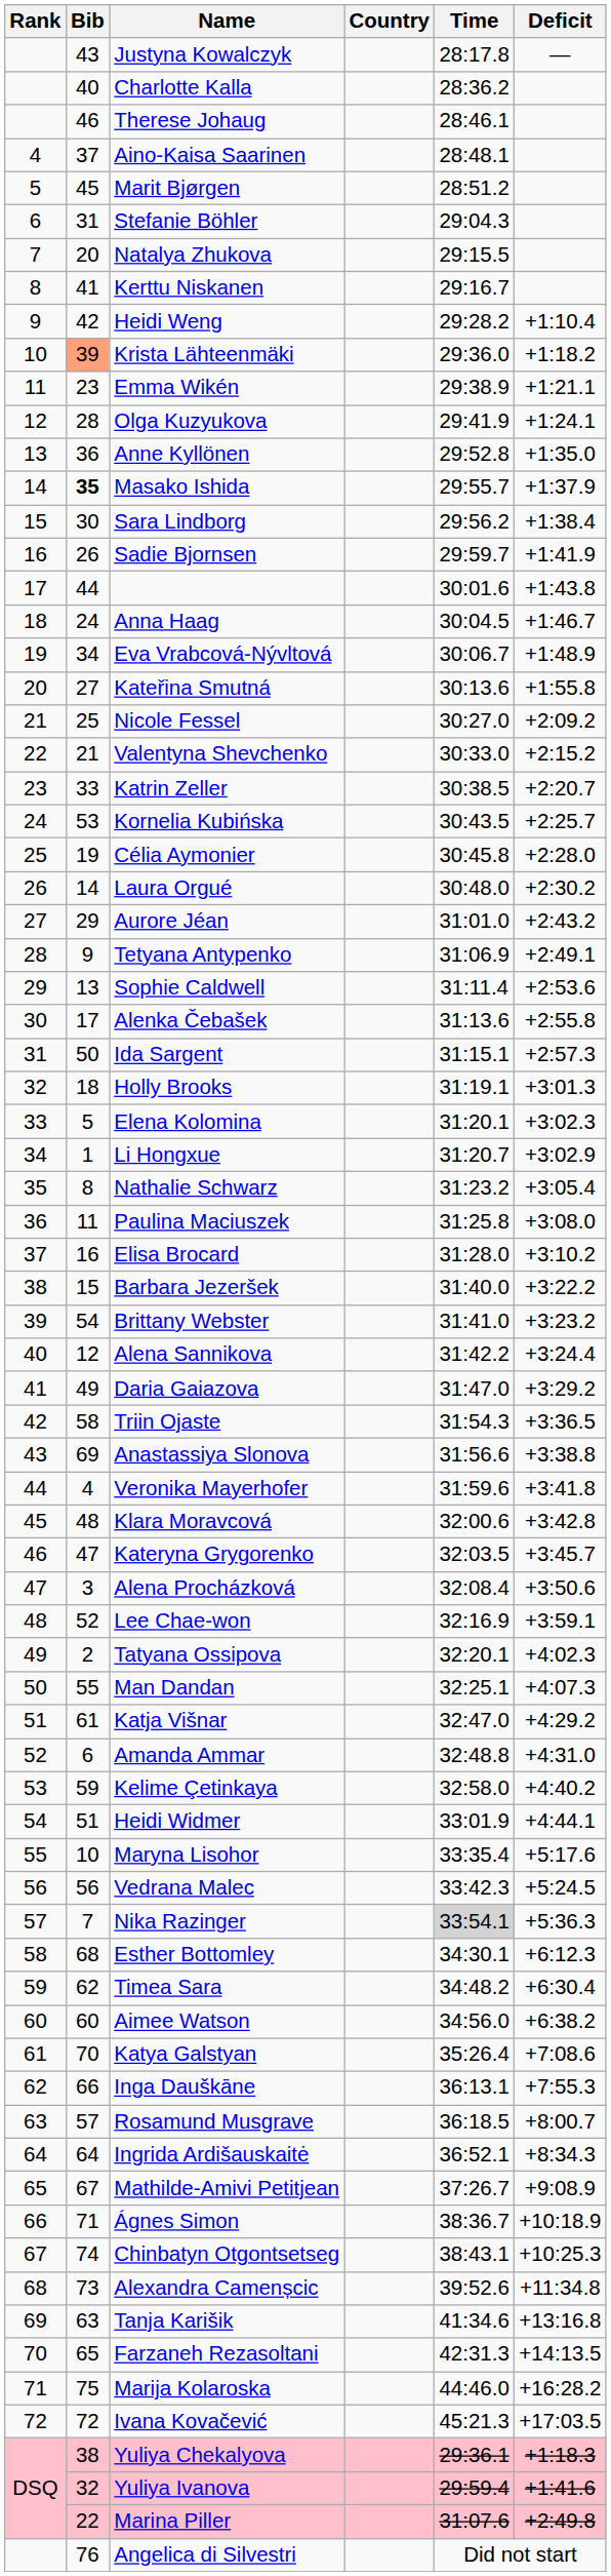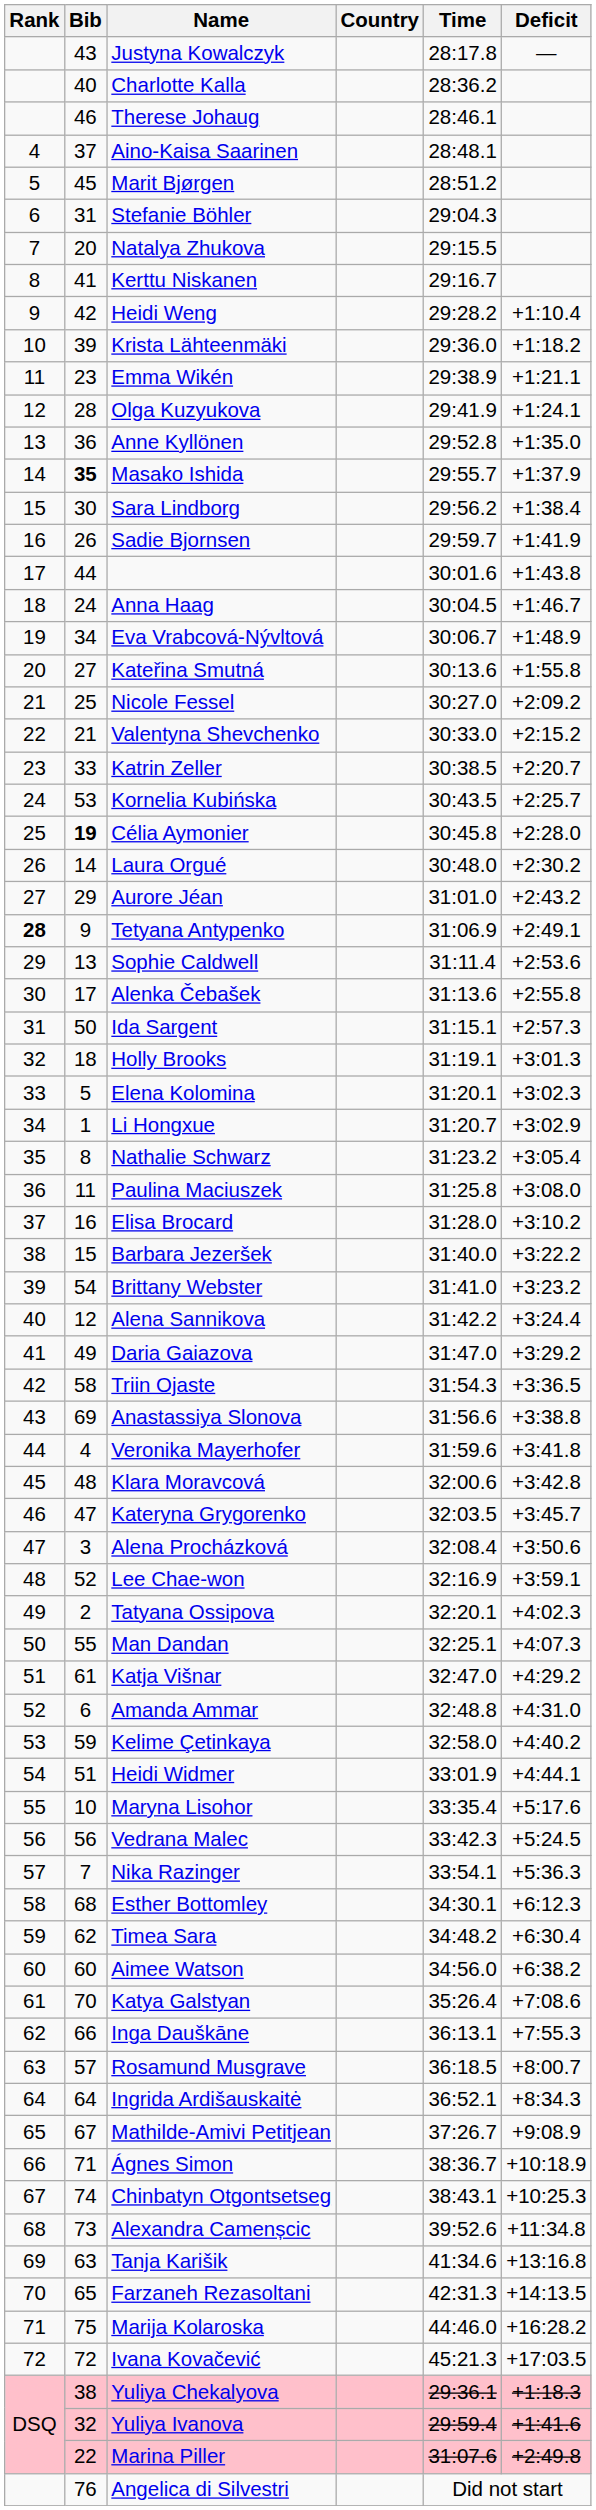 <table class="wikitable sortable" style="text-align:center">
 <tr>
 <th>Rank</th>
 <th>Bib</th>
 <th>Name</th>
 <th>Country</th>
 <th>Time</th>
 <th>Deficit</th>
 </tr>
 <tr>
 <td></td>
 <td>43</td>
 <td align=left><a href='#'>Justyna Kowalczyk</a></td>
 <td align=left></td>
 <td>28:17.8</td>
 <td>—</td>
 </tr>
 <tr>
 <td></td>
 <td>40</td>
 <td align=left><a href='#'>Charlotte Kalla</a></td>
 <td align=left></td>
 <td>28:36.2</td>
 <td></td>
 </tr>
 <tr>
 <td></td>
 <td>46</td>
 <td align=left><a href='#'>Therese Johaug</a></td>
 <td align=left></td>
 <td>28:46.1</td>
 <td></td>
 </tr>
 <tr>
 <td>4</td>
 <td>37</td>
 <td align=left><a href='#'>Aino-Kaisa Saarinen</a></td>
 <td align=left></td>
 <td>28:48.1</td>
 <td></td>
 </tr>
 <tr>
 <td>5</td>
 <td>45</td>
 <td align=left><a href='#'>Marit Bjørgen</a></td>
 <td align=left></td>
 <td>28:51.2</td>
 <td></td>
 </tr>
 <tr>
 <td>6</td>
 <td>31</td>
 <td align=left><a href='#'>Stefanie Böhler</a></td>
 <td align=left></td>
 <td>29:04.3</td>
 <td></td>
 </tr>
 <tr>
 <td>7</td>
 <td>20</td>
 <td align=left><a href='#'>Natalya Zhukova</a></td>
 <td align=left></td>
 <td>29:15.5</td>
 <td></td>
 </tr>
 <tr>
 <td>8</td>
 <td>41</td>
 <td align=left><a href='#'>Kerttu Niskanen</a></td>
 <td align=left></td>
 <td>29:16.7</td>
 <td></td>
 </tr>
 <tr>
 <td>9</td>
 <td>42</td>
 <td align=left><a href='#'>Heidi Weng</a></td>
 <td align=left></td>
 <td>29:28.2</td>
 <td>+1:10.4</td>
 </tr>
 <tr>
 <td>10</td>
-<td style="background: lightsalmon;">39</td>
+<td>39</td>
 <td align=left><a href='#'>Krista Lähteenmäki</a></td>
 <td align=left></td>
 <td>29:36.0</td>
 <td>+1:18.2</td>
 </tr>
 <tr>
 <td>11</td>
 <td>23</td>
 <td align=left><a href='#'>Emma Wikén</a></td>
 <td align=left></td>
 <td>29:38.9</td>
 <td>+1:21.1</td>
 </tr>
 <tr>
 <td>12</td>
 <td>28</td>
 <td align=left><a href='#'>Olga Kuzyukova</a></td>
 <td align=left></td>
 <td>29:41.9</td>
 <td>+1:24.1</td>
 </tr>
 <tr>
 <td>13</td>
 <td>36</td>
 <td align=left><a href='#'>Anne Kyllönen</a></td>
 <td align=left></td>
 <td>29:52.8</td>
 <td>+1:35.0</td>
 </tr>
 <tr>
 <td>14</td>
 <td><strong>35</strong></td>
 <td align=left><a href='#'>Masako Ishida</a></td>
 <td align=left></td>
 <td>29:55.7</td>
 <td>+1:37.9</td>
 </tr>
 <tr>
 <td>15</td>
 <td>30</td>
 <td align=left><a href='#'>Sara Lindborg</a></td>
 <td align=left></td>
 <td>29:56.2</td>
 <td>+1:38.4</td>
 </tr>
 <tr>
 <td>16</td>
 <td>26</td>
 <td align=left><a href='#'>Sadie Bjornsen</a></td>
 <td align=left></td>
 <td>29:59.7</td>
 <td>+1:41.9</td>
 </tr>
 <tr>
 <td>17</td>
 <td>44</td>
 <td align=left></td>
 <td align=left></td>
 <td>30:01.6</td>
 <td>+1:43.8</td>
 </tr>
 <tr>
 <td>18</td>
 <td>24</td>
 <td align=left><a href='#'>Anna Haag</a></td>
 <td align=left></td>
 <td>30:04.5</td>
 <td>+1:46.7</td>
 </tr>
 <tr>
 <td>19</td>
 <td>34</td>
 <td align=left><a href='#'>Eva Vrabcová-Nývltová</a></td>
 <td align=left></td>
 <td>30:06.7</td>
 <td>+1:48.9</td>
 </tr>
 <tr>
 <td>20</td>
 <td>27</td>
 <td align=left><a href='#'>Kateřina Smutná</a></td>
 <td align=left></td>
 <td>30:13.6</td>
 <td>+1:55.8</td>
 </tr>
 <tr>
 <td>21</td>
 <td>25</td>
 <td align=left><a href='#'>Nicole Fessel</a></td>
 <td align=left></td>
 <td>30:27.0</td>
 <td>+2:09.2</td>
 </tr>
 <tr>
 <td>22</td>
 <td>21</td>
 <td align=left><a href='#'>Valentyna Shevchenko</a></td>
 <td align=left></td>
 <td>30:33.0</td>
 <td>+2:15.2</td>
 </tr>
 <tr>
 <td>23</td>
 <td>33</td>
 <td align=left><a href='#'>Katrin Zeller</a></td>
 <td align=left></td>
 <td>30:38.5</td>
 <td>+2:20.7</td>
 </tr>
 <tr>
 <td>24</td>
 <td>53</td>
 <td align=left><a href='#'>Kornelia Kubińska</a></td>
 <td align=left></td>
 <td>30:43.5</td>
 <td>+2:25.7</td>
 </tr>
 <tr>
 <td>25</td>
-<td>19</td>
+<td><strong>19</strong></td>
 <td align=left><a href='#'>Célia Aymonier</a></td>
 <td align=left></td>
 <td>30:45.8</td>
 <td>+2:28.0</td>
 </tr>
 <tr>
 <td>26</td>
 <td>14</td>
 <td align=left><a href='#'>Laura Orgué</a></td>
 <td align=left></td>
 <td>30:48.0</td>
 <td>+2:30.2</td>
 </tr>
 <tr>
 <td>27</td>
 <td>29</td>
 <td align=left><a href='#'>Aurore Jéan</a></td>
 <td align=left></td>
 <td>31:01.0</td>
 <td>+2:43.2</td>
 </tr>
 <tr>
-<td>28</td>
+<td><strong>28</strong></td>
 <td>9</td>
 <td align=left><a href='#'>Tetyana Antypenko</a></td>
 <td align=left></td>
 <td>31:06.9</td>
 <td>+2:49.1</td>
 </tr>
 <tr>
 <td>29</td>
 <td>13</td>
 <td align=left><a href='#'>Sophie Caldwell</a></td>
 <td align=left></td>
 <td>31:11.4</td>
 <td>+2:53.6</td>
 </tr>
 <tr>
 <td>30</td>
 <td>17</td>
 <td align=left><a href='#'>Alenka Čebašek</a></td>
 <td align=left></td>
 <td>31:13.6</td>
 <td>+2:55.8</td>
 </tr>
 <tr>
 <td>31</td>
 <td>50</td>
 <td align=left><a href='#'>Ida Sargent</a></td>
 <td align=left></td>
 <td>31:15.1</td>
 <td>+2:57.3</td>
 </tr>
 <tr>
 <td>32</td>
 <td>18</td>
 <td align=left><a href='#'>Holly Brooks</a></td>
 <td align=left></td>
 <td>31:19.1</td>
 <td>+3:01.3</td>
 </tr>
 <tr>
 <td>33</td>
 <td>5</td>
 <td align=left><a href='#'>Elena Kolomina</a></td>
 <td align=left></td>
 <td>31:20.1</td>
 <td>+3:02.3</td>
 </tr>
 <tr>
 <td>34</td>
 <td>1</td>
 <td align=left><a href='#'>Li Hongxue</a></td>
 <td align=left></td>
 <td>31:20.7</td>
 <td>+3:02.9</td>
 </tr>
 <tr>
 <td>35</td>
 <td>8</td>
 <td align=left><a href='#'>Nathalie Schwarz</a></td>
 <td align=left></td>
 <td>31:23.2</td>
 <td>+3:05.4</td>
 </tr>
 <tr>
 <td>36</td>
 <td>11</td>
 <td align=left><a href='#'>Paulina Maciuszek</a></td>
 <td align=left></td>
 <td>31:25.8</td>
 <td>+3:08.0</td>
 </tr>
 <tr>
 <td>37</td>
 <td>16</td>
 <td align=left><a href='#'>Elisa Brocard</a></td>
 <td align=left></td>
 <td>31:28.0</td>
 <td>+3:10.2</td>
 </tr>
 <tr>
 <td>38</td>
 <td>15</td>
 <td align=left><a href='#'>Barbara Jezeršek</a></td>
 <td align=left></td>
 <td>31:40.0</td>
 <td>+3:22.2</td>
 </tr>
 <tr>
 <td>39</td>
 <td>54</td>
 <td align=left><a href='#'>Brittany Webster</a></td>
 <td align=left></td>
 <td>31:41.0</td>
 <td>+3:23.2</td>
 </tr>
 <tr>
 <td>40</td>
 <td>12</td>
 <td align=left><a href='#'>Alena Sannikova</a></td>
 <td align=left></td>
 <td>31:42.2</td>
 <td>+3:24.4</td>
 </tr>
 <tr>
 <td>41</td>
 <td>49</td>
 <td align=left><a href='#'>Daria Gaiazova</a></td>
 <td align=left></td>
 <td>31:47.0</td>
 <td>+3:29.2</td>
 </tr>
 <tr>
 <td>42</td>
 <td>58</td>
 <td align=left><a href='#'>Triin Ojaste</a></td>
 <td align=left></td>
 <td>31:54.3</td>
 <td>+3:36.5</td>
 </tr>
 <tr>
 <td>43</td>
 <td>69</td>
 <td align=left><a href='#'>Anastassiya Slonova</a></td>
 <td align=left></td>
 <td>31:56.6</td>
 <td>+3:38.8</td>
 </tr>
 <tr>
 <td>44</td>
 <td>4</td>
 <td align=left><a href='#'>Veronika Mayerhofer</a></td>
 <td align=left></td>
 <td>31:59.6</td>
 <td>+3:41.8</td>
 </tr>
 <tr>
 <td>45</td>
 <td>48</td>
 <td align=left><a href='#'>Klara Moravcová</a></td>
 <td align=left></td>
 <td>32:00.6</td>
 <td>+3:42.8</td>
 </tr>
 <tr>
 <td>46</td>
 <td>47</td>
 <td align=left><a href='#'>Kateryna Grygorenko</a></td>
 <td align=left></td>
 <td>32:03.5</td>
 <td>+3:45.7</td>
 </tr>
 <tr>
 <td>47</td>
 <td>3</td>
 <td align=left><a href='#'>Alena Procházková</a></td>
 <td align=left></td>
 <td>32:08.4</td>
 <td>+3:50.6</td>
 </tr>
 <tr>
 <td>48</td>
 <td>52</td>
 <td align=left><a href='#'>Lee Chae-won</a></td>
 <td align=left></td>
 <td>32:16.9</td>
 <td>+3:59.1</td>
 </tr>
 <tr>
 <td>49</td>
 <td>2</td>
 <td align=left><a href='#'>Tatyana Ossipova</a></td>
 <td align=left></td>
 <td>32:20.1</td>
 <td>+4:02.3</td>
 </tr>
 <tr>
 <td>50</td>
 <td>55</td>
 <td align=left><a href='#'>Man Dandan</a></td>
 <td align=left></td>
 <td>32:25.1</td>
 <td>+4:07.3</td>
 </tr>
 <tr>
 <td>51</td>
 <td>61</td>
 <td align=left><a href='#'>Katja Višnar</a></td>
 <td align=left></td>
 <td>32:47.0</td>
 <td>+4:29.2</td>
 </tr>
 <tr>
 <td>52</td>
 <td>6</td>
 <td align=left><a href='#'>Amanda Ammar</a></td>
 <td align=left></td>
 <td>32:48.8</td>
 <td>+4:31.0</td>
 </tr>
 <tr>
 <td>53</td>
 <td>59</td>
 <td align=left><a href='#'>Kelime Çetinkaya</a></td>
 <td align=left></td>
 <td>32:58.0</td>
 <td>+4:40.2</td>
 </tr>
 <tr>
 <td>54</td>
 <td>51</td>
 <td align=left><a href='#'>Heidi Widmer</a></td>
 <td align=left></td>
 <td>33:01.9</td>
 <td>+4:44.1</td>
 </tr>
 <tr>
 <td>55</td>
 <td>10</td>
 <td align=left><a href='#'>Maryna Lisohor</a></td>
 <td align=left></td>
 <td>33:35.4</td>
 <td>+5:17.6</td>
 </tr>
 <tr>
 <td>56</td>
 <td>56</td>
 <td align=left><a href='#'>Vedrana Malec</a></td>
 <td align=left></td>
 <td>33:42.3</td>
 <td>+5:24.5</td>
 </tr>
 <tr>
 <td>57</td>
 <td>7</td>
 <td align=left><a href='#'>Nika Razinger</a></td>
 <td align=left></td>
-<td style="background: lightgrey;">33:54.1</td>
+<td>33:54.1</td>
 <td>+5:36.3</td>
 </tr>
 <tr>
 <td>58</td>
 <td>68</td>
 <td align=left><a href='#'>Esther Bottomley</a></td>
 <td align=left></td>
 <td>34:30.1</td>
 <td>+6:12.3</td>
 </tr>
 <tr>
 <td>59</td>
 <td>62</td>
 <td align=left><a href='#'>Timea Sara</a></td>
 <td align=left></td>
 <td>34:48.2</td>
 <td>+6:30.4</td>
 </tr>
 <tr>
 <td>60</td>
 <td>60</td>
 <td align=left><a href='#'>Aimee Watson</a></td>
 <td align=left></td>
 <td>34:56.0</td>
 <td>+6:38.2</td>
 </tr>
 <tr>
 <td>61</td>
 <td>70</td>
 <td align=left><a href='#'>Katya Galstyan</a></td>
 <td align=left></td>
 <td>35:26.4</td>
 <td>+7:08.6</td>
 </tr>
 <tr>
 <td>62</td>
 <td>66</td>
 <td align=left><a href='#'>Inga Dauškāne</a></td>
 <td align=left></td>
 <td>36:13.1</td>
 <td>+7:55.3</td>
 </tr>
 <tr>
 <td>63</td>
 <td>57</td>
 <td align=left><a href='#'>Rosamund Musgrave</a></td>
 <td align=left></td>
 <td>36:18.5</td>
 <td>+8:00.7</td>
 </tr>
 <tr>
 <td>64</td>
 <td>64</td>
 <td align=left><a href='#'>Ingrida Ardišauskaitė</a></td>
 <td align=left></td>
 <td>36:52.1</td>
 <td>+8:34.3</td>
 </tr>
 <tr>
 <td>65</td>
 <td>67</td>
 <td align=left><a href='#'>Mathilde-Amivi Petitjean</a></td>
 <td align=left></td>
 <td>37:26.7</td>
 <td>+9:08.9</td>
 </tr>
 <tr>
 <td>66</td>
 <td>71</td>
 <td align=left><a href='#'>Ágnes Simon</a></td>
 <td align=left></td>
 <td>38:36.7</td>
 <td>+10:18.9</td>
 </tr>
 <tr>
 <td>67</td>
 <td>74</td>
 <td align=left><a href='#'>Chinbatyn Otgontsetseg</a></td>
 <td align=left></td>
 <td>38:43.1</td>
 <td>+10:25.3</td>
 </tr>
 <tr>
 <td>68</td>
 <td>73</td>
 <td align=left><a href='#'>Alexandra Camenșcic</a></td>
 <td align=left></td>
 <td>39:52.6</td>
 <td>+11:34.8</td>
 </tr>
 <tr>
 <td>69</td>
 <td>63</td>
 <td align=left><a href='#'>Tanja Karišik</a></td>
 <td align=left></td>
 <td>41:34.6</td>
 <td>+13:16.8</td>
 </tr>
 <tr>
 <td>70</td>
 <td>65</td>
 <td align=left><a href='#'>Farzaneh Rezasoltani</a></td>
 <td align=left></td>
 <td>42:31.3</td>
 <td>+14:13.5</td>
 </tr>
 <tr>
 <td>71</td>
 <td>75</td>
 <td align=left><a href='#'>Marija Kolaroska</a></td>
 <td align=left></td>
 <td>44:46.0</td>
 <td>+16:28.2</td>
 </tr>
 <tr>
 <td>72</td>
 <td>72</td>
 <td align=left><a href='#'>Ivana Kovačević</a></td>
 <td align=left></td>
 <td>45:21.3</td>
 <td>+17:03.5</td>
 </tr>
 <tr bgcolor=pink>
 <td rowspan=3>DSQ</td>
 <td>38</td>
 <td align=left><a href='#'>Yuliya Chekalyova</a></td>
 <td align=left></td>
 <td><s>29:36.1</s></td>
 <td><s>+1:18.3</s></td>
 </tr>
 <tr bgcolor=pink>
 <td>32</td>
 <td align=left><a href='#'>Yuliya Ivanova</a></td>
 <td align=left></td>
 <td><s>29:59.4</s></td>
 <td><s>+1:41.6</s></td>
 </tr>
 <tr bgcolor=pink>
 <td>22</td>
 <td align=left><a href='#'>Marina Piller</a></td>
 <td align=left></td>
 <td><s>31:07.6</s></td>
 <td><s>+2:49.8</s></td>
 </tr>
 <tr>
 <td></td>
 <td>76</td>
 <td align=left><a href='#'>Angelica di Silvestri</a></td>
 <td align=left></td>
 <td colspan=2>Did not start</td>
 </tr>
 </table>
